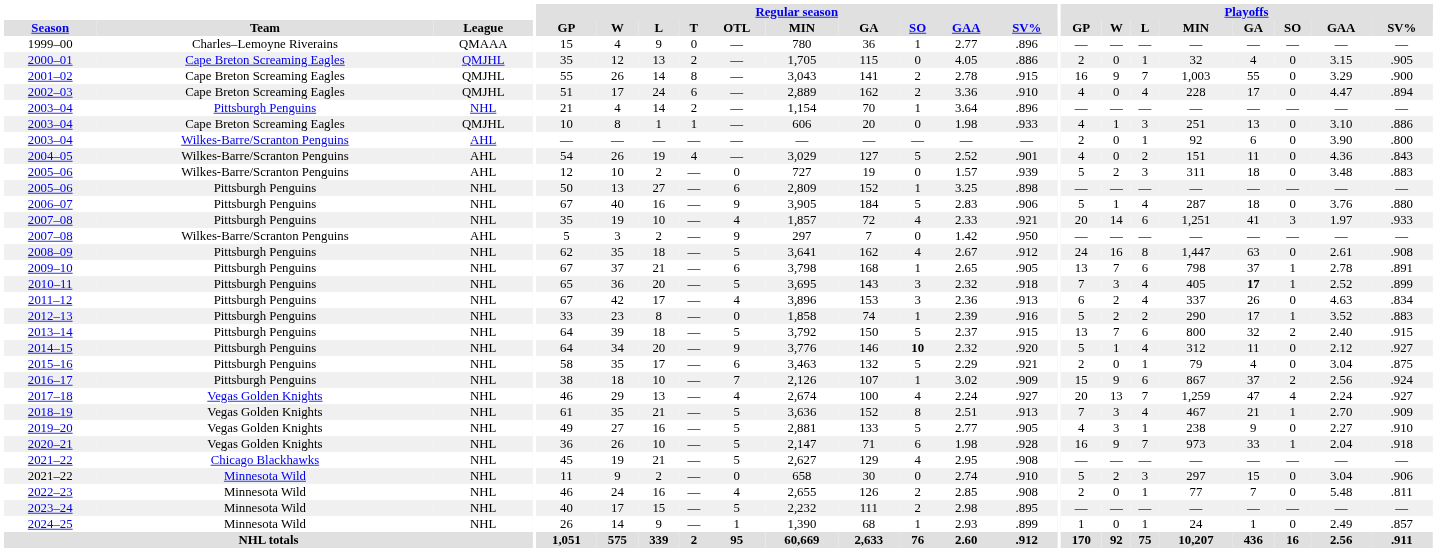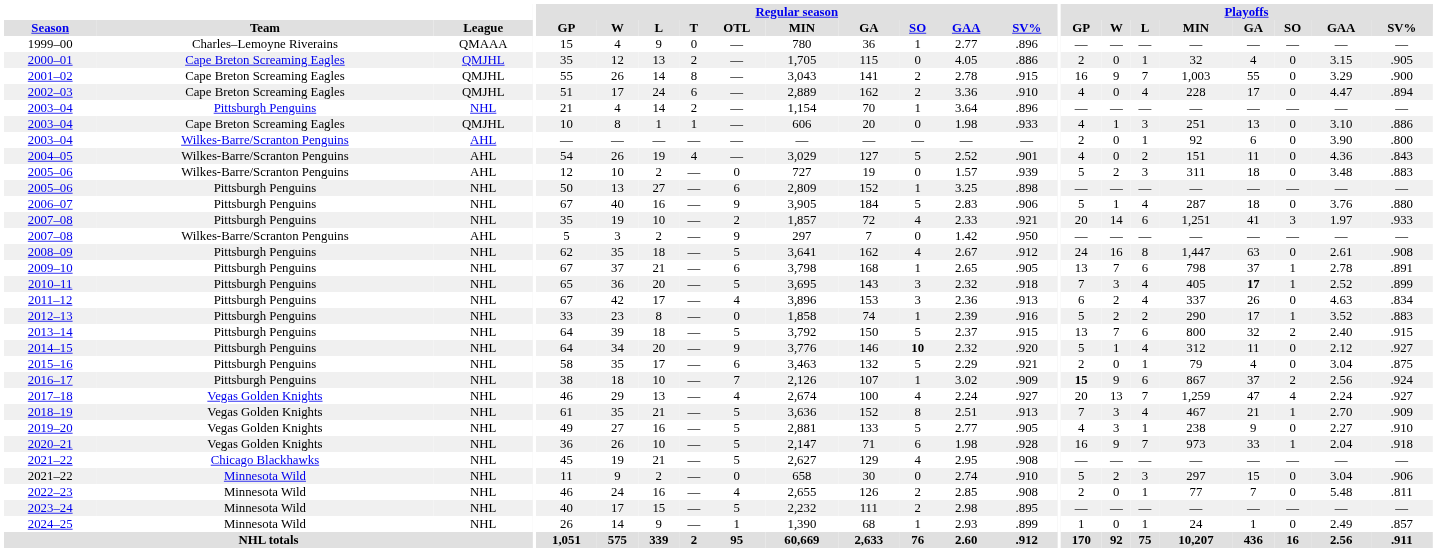 <table border="0" cellpadding="1" cellspacing="0" style="width:90%; text-align:center;">
 <tr bgcolor="#e0e0e0">
 <th colspan="3" bgcolor="#ffffff"></th>
 <th rowspan="99" bgcolor="#ffffff"></th>
 <th colspan="10" bgcolor="#e0e0e0"><a href='#'>Regular season</a></th>
 <th rowspan="99" bgcolor="#ffffff"></th>
 <th colspan="8" bgcolor="#e0e0e0"><a href='#'>Playoffs</a></th>
 </tr>
 <tr bgcolor="#e0e0e0">
 <th><a href='#'>Season</a></th>
 <th>Team</th>
 <th>League</th>
 <th>GP</th>
 <th>W</th>
 <th>L</th>
 <th>T</th>
 <th>OTL</th>
 <th>MIN</th>
 <th>GA</th>
 <th><a href='#'>SO</a></th>
 <th><a href='#'>GAA</a></th>
 <th><a href='#'>SV%</a></th>
 <th>GP</th>
 <th>W</th>
 <th>L</th>
 <th>MIN</th>
 <th>GA</th>
 <th>SO</th>
 <th>GAA</th>
 <th>SV%</th>
 </tr>
 <tr>
 <td>1999–00</td>
 <td>Charles–Lemoyne Riverains</td>
 <td>QMAAA</td>
 <td>15</td>
 <td>4</td>
 <td>9</td>
 <td>0</td>
 <td>—</td>
 <td>780</td>
 <td>36</td>
 <td>1</td>
 <td>2.77</td>
 <td>.896</td>
 <td>—</td>
 <td>—</td>
 <td>—</td>
 <td>—</td>
 <td>—</td>
 <td>—</td>
 <td>—</td>
 <td>—</td>
 </tr>
 <tr bgcolor="#f0f0f0">
 <td><a href='#'>2000–01</a></td>
 <td><a href='#'>Cape Breton Screaming Eagles</a></td>
 <td><a href='#'>QMJHL</a></td>
 <td>35</td>
 <td>12</td>
 <td>13</td>
 <td>2</td>
 <td>—</td>
 <td>1,705</td>
 <td>115</td>
 <td>0</td>
 <td>4.05</td>
 <td>.886</td>
 <td>2</td>
 <td>0</td>
 <td>1</td>
 <td>32</td>
 <td>4</td>
 <td>0</td>
 <td>3.15</td>
 <td>.905</td>
 </tr>
 <tr>
 <td><a href='#'>2001–02</a></td>
 <td>Cape Breton Screaming Eagles</td>
 <td>QMJHL</td>
 <td>55</td>
 <td>26</td>
 <td>14</td>
 <td>8</td>
 <td>—</td>
 <td>3,043</td>
 <td>141</td>
 <td>2</td>
 <td>2.78</td>
 <td>.915</td>
 <td>16</td>
 <td>9</td>
 <td>7</td>
 <td>1,003</td>
 <td>55</td>
 <td>0</td>
 <td>3.29</td>
 <td>.900</td>
 </tr>
 <tr bgcolor="#f0f0f0">
 <td><a href='#'>2002–03</a></td>
 <td>Cape Breton Screaming Eagles</td>
 <td>QMJHL</td>
 <td>51</td>
 <td>17</td>
 <td>24</td>
 <td>6</td>
 <td>—</td>
 <td>2,889</td>
 <td>162</td>
 <td>2</td>
 <td>3.36</td>
 <td>.910</td>
 <td>4</td>
 <td>0</td>
 <td>4</td>
 <td>228</td>
 <td>17</td>
 <td>0</td>
 <td>4.47</td>
 <td>.894</td>
 </tr>
 <tr>
 <td><a href='#'>2003–04</a></td>
 <td><a href='#'>Pittsburgh Penguins</a></td>
 <td><a href='#'>NHL</a></td>
 <td>21</td>
 <td>4</td>
 <td>14</td>
 <td>2</td>
 <td>—</td>
 <td>1,154</td>
 <td>70</td>
 <td>1</td>
 <td>3.64</td>
 <td>.896</td>
 <td>—</td>
 <td>—</td>
 <td>—</td>
 <td>—</td>
 <td>—</td>
 <td>—</td>
 <td>—</td>
 <td>—</td>
 </tr>
 <tr bgcolor="#f0f0f0">
 <td><a href='#'>2003–04</a></td>
 <td>Cape Breton Screaming Eagles</td>
 <td>QMJHL</td>
 <td>10</td>
 <td>8</td>
 <td>1</td>
 <td>1</td>
 <td>—</td>
 <td>606</td>
 <td>20</td>
 <td>0</td>
 <td>1.98</td>
 <td>.933</td>
 <td>4</td>
 <td>1</td>
 <td>3</td>
 <td>251</td>
 <td>13</td>
 <td>0</td>
 <td>3.10</td>
 <td>.886</td>
 </tr>
 <tr>
 <td><a href='#'>2003–04</a></td>
 <td><a href='#'>Wilkes-Barre/Scranton Penguins</a></td>
 <td><a href='#'>AHL</a></td>
 <td>—</td>
 <td>—</td>
 <td>—</td>
 <td>—</td>
 <td>—</td>
 <td>—</td>
 <td>—</td>
 <td>—</td>
 <td>—</td>
 <td>—</td>
 <td>2</td>
 <td>0</td>
 <td>1</td>
 <td>92</td>
 <td>6</td>
 <td>0</td>
 <td>3.90</td>
 <td>.800</td>
 </tr>
 <tr bgcolor="#f0f0f0">
 <td><a href='#'>2004–05</a></td>
 <td>Wilkes-Barre/Scranton Penguins</td>
 <td>AHL</td>
 <td>54</td>
 <td>26</td>
 <td>19</td>
 <td>4</td>
 <td>—</td>
 <td>3,029</td>
 <td>127</td>
 <td>5</td>
 <td>2.52</td>
 <td>.901</td>
 <td>4</td>
 <td>0</td>
 <td>2</td>
 <td>151</td>
 <td>11</td>
 <td>0</td>
 <td>4.36</td>
 <td>.843</td>
 </tr>
 <tr>
 <td><a href='#'>2005–06</a></td>
 <td>Wilkes-Barre/Scranton Penguins</td>
 <td>AHL</td>
 <td>12</td>
 <td>10</td>
 <td>2</td>
 <td>—</td>
 <td>0</td>
 <td>727</td>
 <td>19</td>
 <td>0</td>
 <td>1.57</td>
 <td>.939</td>
 <td>5</td>
 <td>2</td>
 <td>3</td>
 <td>311</td>
 <td>18</td>
 <td>0</td>
 <td>3.48</td>
 <td>.883</td>
 </tr>
 <tr bgcolor="#f0f0f0">
 <td><a href='#'>2005–06</a></td>
 <td>Pittsburgh Penguins</td>
 <td>NHL</td>
 <td>50</td>
 <td>13</td>
 <td>27</td>
 <td>—</td>
 <td>6</td>
 <td>2,809</td>
 <td>152</td>
 <td>1</td>
 <td>3.25</td>
 <td>.898</td>
 <td>—</td>
 <td>—</td>
 <td>—</td>
 <td>—</td>
 <td>—</td>
 <td>—</td>
 <td>—</td>
 <td>—</td>
 </tr>
 <tr>
 <td><a href='#'>2006–07</a></td>
 <td>Pittsburgh Penguins</td>
 <td>NHL</td>
 <td>67</td>
 <td>40</td>
 <td>16</td>
 <td>—</td>
 <td>9</td>
 <td>3,905</td>
 <td>184</td>
 <td>5</td>
 <td>2.83</td>
 <td>.906</td>
 <td>5</td>
 <td>1</td>
 <td>4</td>
 <td>287</td>
 <td>18</td>
 <td>0</td>
 <td>3.76</td>
 <td>.880</td>
 </tr>
 <tr bgcolor="#f0f0f0">
 <td><a href='#'>2007–08</a></td>
 <td>Pittsburgh Penguins</td>
 <td>NHL</td>
 <td>35</td>
 <td>19</td>
 <td>10</td>
 <td>—</td>
-<td>4</td>
+<td>2</td>
 <td>1,857</td>
 <td>72</td>
 <td>4</td>
 <td>2.33</td>
 <td>.921</td>
 <td>20</td>
 <td>14</td>
 <td>6</td>
 <td>1,251</td>
 <td>41</td>
 <td>3</td>
 <td>1.97</td>
 <td>.933</td>
 </tr>
 <tr>
 <td><a href='#'>2007–08</a></td>
 <td>Wilkes-Barre/Scranton Penguins</td>
 <td>AHL</td>
 <td>5</td>
 <td>3</td>
 <td>2</td>
 <td>—</td>
 <td>9</td>
 <td>297</td>
 <td>7</td>
 <td>0</td>
 <td>1.42</td>
 <td>.950</td>
 <td>—</td>
 <td>—</td>
 <td>—</td>
 <td>—</td>
 <td>—</td>
 <td>—</td>
 <td>—</td>
 <td>—</td>
 </tr>
 <tr bgcolor="#f0f0f0">
 <td><a href='#'>2008–09</a></td>
 <td>Pittsburgh Penguins</td>
 <td>NHL</td>
 <td>62</td>
 <td>35</td>
 <td>18</td>
 <td>—</td>
 <td>5</td>
 <td>3,641</td>
 <td>162</td>
 <td>4</td>
 <td>2.67</td>
 <td>.912</td>
 <td>24</td>
 <td>16</td>
 <td>8</td>
 <td>1,447</td>
 <td>63</td>
 <td>0</td>
 <td>2.61</td>
 <td>.908</td>
 </tr>
 <tr>
 <td><a href='#'>2009–10</a></td>
 <td>Pittsburgh Penguins</td>
 <td>NHL</td>
 <td>67</td>
 <td>37</td>
 <td>21</td>
 <td>—</td>
 <td>6</td>
 <td>3,798</td>
 <td>168</td>
 <td>1</td>
 <td>2.65</td>
 <td>.905</td>
 <td>13</td>
 <td>7</td>
 <td>6</td>
 <td>798</td>
 <td>37</td>
 <td>1</td>
 <td>2.78</td>
 <td>.891</td>
 </tr>
 <tr bgcolor="#f0f0f0">
 <td><a href='#'>2010–11</a></td>
 <td>Pittsburgh Penguins</td>
 <td>NHL</td>
 <td>65</td>
 <td>36</td>
 <td>20</td>
 <td>—</td>
 <td>5</td>
 <td>3,695</td>
 <td>143</td>
 <td>3</td>
 <td>2.32</td>
 <td>.918</td>
 <td>7</td>
 <td>3</td>
 <td>4</td>
 <td>405</td>
 <td><strong>17</strong></td>
 <td>1</td>
 <td>2.52</td>
 <td>.899</td>
 </tr>
 <tr>
 <td><a href='#'>2011–12</a></td>
 <td>Pittsburgh Penguins</td>
 <td>NHL</td>
 <td>67</td>
 <td>42</td>
 <td>17</td>
 <td>—</td>
 <td>4</td>
 <td>3,896</td>
 <td>153</td>
 <td>3</td>
 <td>2.36</td>
 <td>.913</td>
 <td>6</td>
 <td>2</td>
 <td>4</td>
 <td>337</td>
 <td>26</td>
 <td>0</td>
 <td>4.63</td>
 <td>.834</td>
 </tr>
 <tr bgcolor="#f0f0f0">
 <td><a href='#'>2012–13</a></td>
 <td>Pittsburgh Penguins</td>
 <td>NHL</td>
 <td>33</td>
 <td>23</td>
 <td>8</td>
 <td>—</td>
 <td>0</td>
 <td>1,858</td>
 <td>74</td>
 <td>1</td>
 <td>2.39</td>
 <td>.916</td>
 <td>5</td>
 <td>2</td>
 <td>2</td>
 <td>290</td>
 <td>17</td>
 <td>1</td>
 <td>3.52</td>
 <td>.883</td>
 </tr>
 <tr>
 <td><a href='#'>2013–14</a></td>
 <td>Pittsburgh Penguins</td>
 <td>NHL</td>
 <td>64</td>
 <td>39</td>
 <td>18</td>
 <td>—</td>
 <td>5</td>
 <td>3,792</td>
 <td>150</td>
 <td>5</td>
 <td>2.37</td>
 <td>.915</td>
 <td>13</td>
 <td>7</td>
 <td>6</td>
 <td>800</td>
 <td>32</td>
 <td>2</td>
 <td>2.40</td>
 <td>.915</td>
 </tr>
 <tr bgcolor="#f0f0f0">
 <td><a href='#'>2014–15</a></td>
 <td>Pittsburgh Penguins</td>
 <td>NHL</td>
 <td>64</td>
 <td>34</td>
 <td>20</td>
 <td>—</td>
 <td>9</td>
 <td>3,776</td>
 <td>146</td>
 <td><strong>10</strong></td>
 <td>2.32</td>
 <td>.920</td>
 <td>5</td>
 <td>1</td>
 <td>4</td>
 <td>312</td>
 <td>11</td>
 <td>0</td>
 <td>2.12</td>
 <td>.927</td>
 </tr>
 <tr>
 <td><a href='#'>2015–16</a></td>
 <td>Pittsburgh Penguins</td>
 <td>NHL</td>
 <td>58</td>
 <td>35</td>
 <td>17</td>
 <td>—</td>
 <td>6</td>
 <td>3,463</td>
 <td>132</td>
 <td>5</td>
 <td>2.29</td>
 <td>.921</td>
 <td>2</td>
 <td>0</td>
 <td>1</td>
 <td>79</td>
 <td>4</td>
 <td>0</td>
 <td>3.04</td>
 <td>.875</td>
 </tr>
 <tr bgcolor="#f0f0f0">
 <td><a href='#'>2016–17</a></td>
 <td>Pittsburgh Penguins</td>
 <td>NHL</td>
 <td>38</td>
 <td>18</td>
 <td>10</td>
 <td>—</td>
 <td>7</td>
 <td>2,126</td>
 <td>107</td>
 <td>1</td>
 <td>3.02</td>
 <td>.909</td>
-<td>15</td>
+<td><strong>15</strong></td>
 <td>9</td>
 <td>6</td>
 <td>867</td>
 <td>37</td>
 <td>2</td>
 <td>2.56</td>
 <td>.924</td>
 </tr>
 <tr>
 <td><a href='#'>2017–18</a></td>
 <td><a href='#'>Vegas Golden Knights</a></td>
 <td>NHL</td>
 <td>46</td>
 <td>29</td>
 <td>13</td>
 <td>—</td>
 <td>4</td>
 <td>2,674</td>
 <td>100</td>
 <td>4</td>
 <td>2.24</td>
 <td>.927</td>
 <td>20</td>
 <td>13</td>
 <td>7</td>
 <td>1,259</td>
 <td>47</td>
 <td>4</td>
 <td>2.24</td>
 <td>.927</td>
 </tr>
 <tr bgcolor="#f0f0f0">
 <td><a href='#'>2018–19</a></td>
 <td>Vegas Golden Knights</td>
 <td>NHL</td>
 <td>61</td>
 <td>35</td>
 <td>21</td>
 <td>—</td>
 <td>5</td>
 <td>3,636</td>
 <td>152</td>
 <td>8</td>
 <td>2.51</td>
 <td>.913</td>
 <td>7</td>
 <td>3</td>
 <td>4</td>
 <td>467</td>
 <td>21</td>
 <td>1</td>
 <td>2.70</td>
 <td>.909</td>
 </tr>
 <tr>
 <td><a href='#'>2019–20</a></td>
 <td>Vegas Golden Knights</td>
 <td>NHL</td>
 <td>49</td>
 <td>27</td>
 <td>16</td>
 <td>—</td>
 <td>5</td>
 <td>2,881</td>
 <td>133</td>
 <td>5</td>
 <td>2.77</td>
 <td>.905</td>
 <td>4</td>
 <td>3</td>
 <td>1</td>
 <td>238</td>
 <td>9</td>
 <td>0</td>
 <td>2.27</td>
 <td>.910</td>
 </tr>
 <tr bgcolor="#f0f0f0">
 <td><a href='#'>2020–21</a></td>
 <td>Vegas Golden Knights</td>
 <td>NHL</td>
 <td>36</td>
 <td>26</td>
 <td>10</td>
 <td>—</td>
 <td>5</td>
 <td>2,147</td>
 <td>71</td>
 <td>6</td>
 <td>1.98</td>
 <td>.928</td>
 <td>16</td>
 <td>9</td>
 <td>7</td>
 <td>973</td>
 <td>33</td>
 <td>1</td>
 <td>2.04</td>
 <td>.918</td>
 </tr>
 <tr>
 <td><a href='#'>2021–22</a></td>
 <td><a href='#'>Chicago Blackhawks</a></td>
 <td>NHL</td>
 <td>45</td>
 <td>19</td>
 <td>21</td>
 <td>—</td>
 <td>5</td>
 <td>2,627</td>
 <td>129</td>
 <td>4</td>
 <td>2.95</td>
 <td>.908</td>
 <td>—</td>
 <td>—</td>
 <td>—</td>
 <td>—</td>
 <td>—</td>
 <td>—</td>
 <td>—</td>
 <td>—</td>
 </tr>
 <tr bgcolor="#f0f0f0">
 <td>2021–22</td>
 <td><a href='#'>Minnesota Wild</a></td>
 <td>NHL</td>
 <td>11</td>
 <td>9</td>
 <td>2</td>
 <td>—</td>
 <td>0</td>
 <td>658</td>
 <td>30</td>
 <td>0</td>
 <td>2.74</td>
 <td>.910</td>
 <td>5</td>
 <td>2</td>
 <td>3</td>
 <td>297</td>
 <td>15</td>
 <td>0</td>
 <td>3.04</td>
 <td>.906</td>
 </tr>
 <tr>
 <td><a href='#'>2022–23</a></td>
 <td>Minnesota Wild</td>
 <td>NHL</td>
 <td>46</td>
 <td>24</td>
 <td>16</td>
 <td>—</td>
 <td>4</td>
 <td>2,655</td>
 <td>126</td>
 <td>2</td>
 <td>2.85</td>
 <td>.908</td>
 <td>2</td>
 <td>0</td>
 <td>1</td>
 <td>77</td>
 <td>7</td>
 <td>0</td>
 <td>5.48</td>
 <td>.811</td>
 </tr>
 <tr bgcolor="#f0f0f0">
 <td><a href='#'>2023–24</a></td>
 <td>Minnesota Wild</td>
 <td>NHL</td>
 <td>40</td>
 <td>17</td>
 <td>15</td>
 <td>—</td>
 <td>5</td>
 <td>2,232</td>
 <td>111</td>
 <td>2</td>
 <td>2.98</td>
 <td>.895</td>
 <td>—</td>
 <td>—</td>
 <td>—</td>
 <td>—</td>
 <td>—</td>
 <td>—</td>
 <td>—</td>
 <td>—</td>
 </tr>
 <tr>
 <td><a href='#'>2024–25</a></td>
 <td>Minnesota Wild</td>
 <td>NHL</td>
 <td>26</td>
 <td>14</td>
 <td>9</td>
 <td>—</td>
 <td>1</td>
 <td>1,390</td>
 <td>68</td>
 <td>1</td>
 <td>2.93</td>
 <td>.899</td>
 <td>1</td>
 <td>0</td>
 <td>1</td>
 <td>24</td>
 <td>1</td>
 <td>0</td>
 <td>2.49</td>
 <td>.857</td>
 </tr>
 <tr bgcolor="#e0e0e0">
 <th colspan="3">NHL totals</th>
 <th>1,051</th>
 <th>575</th>
 <th>339</th>
 <th>2</th>
 <th>95</th>
 <th>60,669</th>
 <th>2,633</th>
 <th>76</th>
 <th>2.60</th>
 <th>.912</th>
 <th>170</th>
 <th>92</th>
 <th>75</th>
 <th>10,207</th>
 <th>436</th>
 <th>16</th>
 <th>2.56</th>
 <th>.911</th>
 </tr>
 </table>
